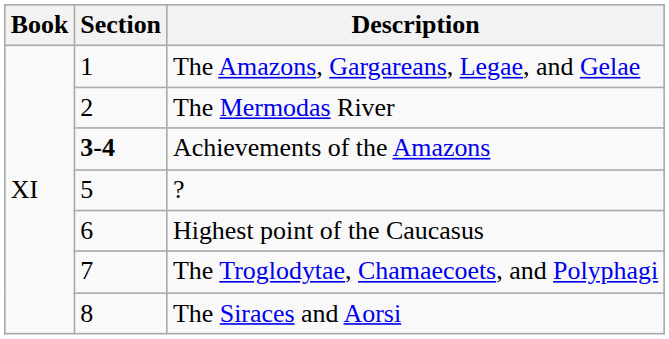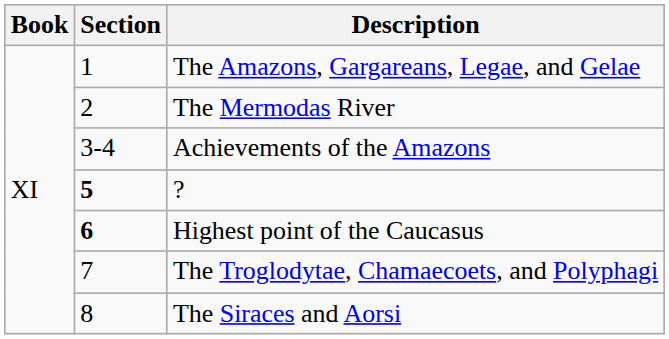 <table class="wikitable" style="max-width:45em;">
 <tr>
 <th>Book</th>
 <th>Section</th>
 <th>Description</th>
 </tr>
 <tr>
 <td rowspan="7">XI</td>
 <td>1</td>
 <td>The <a href='#'>Amazons</a>, <a href='#'>Gargareans</a>, <a href='#'>Legae</a>, and <a href='#'>Gelae</a></td>
 </tr>
 <tr>
 <td>2</td>
 <td>The <a href='#'>Mermodas</a> River</td>
 </tr>
 <tr>
-<td><strong>3-4</strong></td>
+<td>3-4</td>
 <td>Achievements of the <a href='#'>Amazons</a></td>
 </tr>
 <tr>
-<td>5</td>
+<td><strong>5</strong></td>
 <td>?</td>
 </tr>
 <tr>
-<td>6</td>
+<td><strong>6</strong></td>
 <td>Highest point of the Caucasus</td>
 </tr>
 <tr>
 <td>7</td>
 <td>The <a href='#'>Troglodytae</a>, <a href='#'>Chamaecoets</a>, and <a href='#'>Polyphagi</a></td>
 </tr>
 <tr>
 <td>8</td>
 <td>The <a href='#'>Siraces</a> and <a href='#'>Aorsi</a></td>
 </tr>
 </table>
